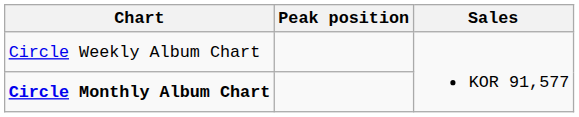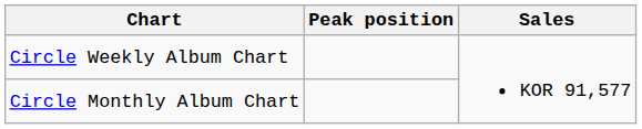 <table class="wikitable sortable">
 <tr>
 <th>Chart</th>
 <th>Peak position</th>
 <th>Sales</th>
 </tr>
 <tr>
 <td><a href='#'>Circle</a> Weekly Album Chart</td>
 <td></td>
 <td rowspan="2"><br><ul><li>KOR 91,577</li></ul></td>
 </tr>
 <tr>
-<td><strong><a href='#'>Circle</a> Monthly Album Chart</strong></td>
+<td><a href='#'>Circle</a> Monthly Album Chart</td>
 <td></td>
 </tr>
 </table>
